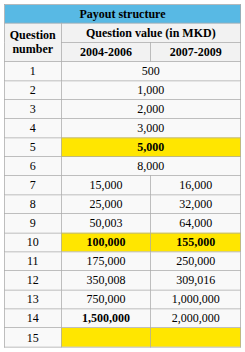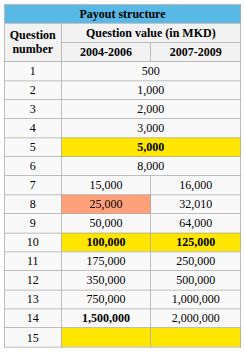 <table class="wikitable" style="text-align:center; border:1px;; cellpadding:2; cellspacing:0; width:25%;">
 <tr>
 <th colspan="3" style="background: #58B9E4">Payout structure</th>
 </tr>
 <tr>
 <th rowspan=2 style="width: 24%">Question number</th>
 <th colspan=2>Question value (in MKD)</th>
 </tr>
 <tr>
 <th style="width: 38%">2004-2006</th>
 <th style="width: 38%">2007-2009</th>
 </tr>
 <tr>
 <td>1</td>
 <td colspan=2>500</td>
 </tr>
 <tr>
 <td>2</td>
 <td colspan=2>1,000</td>
 </tr>
 <tr>
 <td>3</td>
 <td colspan=2>2,000</td>
 </tr>
 <tr>
 <td>4</td>
 <td colspan=2>3,000</td>
 </tr>
 <tr>
 <td>5</td>
 <td colspan=2 style="background: #FFE600"><strong>5,000</strong></td>
 </tr>
 <tr>
 <td>6</td>
 <td colspan=2>8,000</td>
 </tr>
 <tr>
 <td>7</td>
 <td>15,000</td>
 <td>16,000</td>
 </tr>
 <tr>
 <td>8</td>
-<td>25,000</td>
-<td>32,000</td>
+<td style="background: lightsalmon;">25,000</td>
+<td>32,010</td>
 </tr>
 <tr>
 <td>9</td>
-<td>50,003</td>
+<td>50,000</td>
 <td>64,000</td>
 </tr>
 <tr>
 <td>10</td>
 <td style="background: #FFE600"><strong>100,000</strong></td>
-<td style="background: #FFE600"><strong>155,000</strong></td>
+<td style="background: #FFE600"><strong>125,000</strong></td>
 </tr>
 <tr>
 <td>11</td>
 <td>175,000</td>
 <td>250,000</td>
 </tr>
 <tr>
 <td>12</td>
-<td>350,008</td>
-<td>309,016</td>
+<td>350,000</td>
+<td>500,000</td>
 </tr>
 <tr>
 <td>13</td>
 <td>750,000</td>
 <td>1,000,000</td>
 </tr>
 <tr>
 <td>14</td>
 <td><strong>1,500,000</strong></td>
 <td>2,000,000</td>
 </tr>
 <tr>
 <td>15</td>
 <td style="background: #FFE600"><strong></strong></td>
 <td style="background: #FFE600"><strong></strong></td>
 </tr>
 </table>
